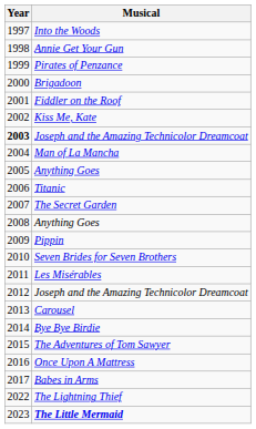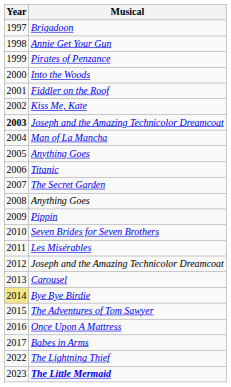 <table class="wikitable">
 <tr>
 <th>Year</th>
 <th>Musical</th>
 </tr>
 <tr>
 <td>1997</td>
-<td><em><a href='#'>Into the Woods</a></em></td>
+<td><em><a href='#'>Brigadoon</a></em></td>
 </tr>
 <tr>
 <td>1998</td>
 <td><em><a href='#'>Annie Get Your Gun</a></em></td>
 </tr>
 <tr>
 <td>1999</td>
 <td><em><a href='#'>Pirates of Penzance</a></em></td>
 </tr>
 <tr>
 <td>2000</td>
-<td><em><a href='#'>Brigadoon</a></em></td>
+<td><em><a href='#'>Into the Woods</a></em></td>
 </tr>
 <tr>
 <td>2001</td>
 <td><em><a href='#'>Fiddler on the Roof</a></em></td>
 </tr>
 <tr>
 <td>2002</td>
 <td><em><a href='#'>Kiss Me, Kate</a></em></td>
 </tr>
 <tr>
 <td><strong>2003</strong></td>
 <td><em><a href='#'>Joseph and the Amazing Technicolor Dreamcoat</a></em></td>
 </tr>
 <tr>
 <td>2004</td>
 <td><em><a href='#'>Man of La Mancha</a></em></td>
 </tr>
 <tr>
 <td>2005</td>
 <td><em><a href='#'>Anything Goes</a></em></td>
 </tr>
 <tr>
 <td>2006</td>
 <td><em><a href='#'>Titanic</a></em></td>
 </tr>
 <tr>
 <td>2007</td>
 <td><em><a href='#'>The Secret Garden</a></em></td>
 </tr>
 <tr>
 <td>2008</td>
 <td><em>Anything Goes</em></td>
 </tr>
 <tr>
 <td>2009</td>
 <td><em><a href='#'>Pippin</a></em></td>
 </tr>
 <tr>
 <td>2010</td>
 <td><em><a href='#'>Seven Brides for Seven Brothers</a></em></td>
 </tr>
 <tr>
 <td>2011</td>
 <td><em><a href='#'>Les Misérables</a></em></td>
 </tr>
 <tr>
 <td>2012</td>
 <td><em>Joseph and the Amazing Technicolor Dreamcoat</em></td>
 </tr>
 <tr>
 <td>2013</td>
 <td><em><a href='#'>Carousel</a></em></td>
 </tr>
 <tr>
-<td>2014</td>
+<td style="background: khaki;">2014</td>
 <td><em><a href='#'>Bye Bye Birdie</a></em></td>
 </tr>
 <tr>
 <td>2015</td>
 <td><em><a href='#'>The Adventures of Tom Sawyer</a></em></td>
 </tr>
 <tr>
 <td>2016</td>
 <td><em><a href='#'>Once Upon A Mattress</a></em></td>
 </tr>
 <tr>
 <td>2017</td>
 <td><em><a href='#'>Babes in Arms</a></em></td>
 </tr>
 <tr>
 <td>2022</td>
 <td><em><a href='#'>The Lightning Thief</a></em></td>
 </tr>
 <tr>
 <td>2023</td>
 <td><strong><em><a href='#'>The Little Mermaid</a></em></strong></td>
 </tr>
 </table>
